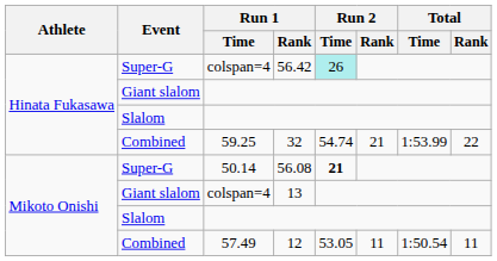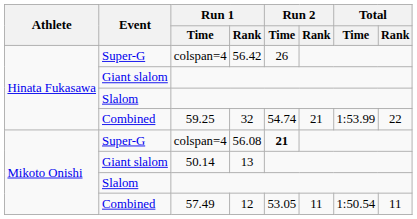 <table class="wikitable" style="font-size:90%">
 <tr>
 <th rowspan=2>Athlete</th>
 <th rowspan=2>Event</th>
 <th colspan=2>Run 1</th>
 <th colspan=2>Run 2</th>
 <th colspan=2>Total</th>
 </tr>
 <tr style="font-size:95%">
 <th>Time</th>
 <th>Rank</th>
 <th>Time</th>
 <th>Rank</th>
 <th>Time</th>
 <th>Rank</th>
 </tr>
 <tr align=center>
 <td align="left" rowspan="4"><a href='#'>Hinata Fukasawa</a></td>
 <td align="left"><a href='#'>Super-G</a></td>
 <td>colspan=4</td>
 <td>56.42</td>
-<td style="background: paleturquoise;">26</td>
+<td>26</td>
 </tr>
 <tr align=center>
 <td align="left"><a href='#'>Giant slalom</a></td>
 <td colspan=6></td>
 </tr>
 <tr align=center>
 <td align="left"><a href='#'>Slalom</a></td>
 <td colspan=6></td>
 </tr>
 <tr align=center>
 <td align="left"><a href='#'>Combined</a></td>
 <td>59.25</td>
 <td>32</td>
 <td>54.74</td>
 <td>21</td>
 <td>1:53.99</td>
 <td>22</td>
 </tr>
 <tr align=center>
 <td align="left" rowspan="4"><a href='#'>Mikoto Onishi</a></td>
 <td align="left"><a href='#'>Super-G</a></td>
-<td>50.14</td>
+<td>colspan=4</td>
 <td>56.08</td>
 <td><strong>21</strong></td>
 </tr>
 <tr align=center>
 <td align="left"><a href='#'>Giant slalom</a></td>
-<td>colspan=4</td>
+<td>50.14</td>
 <td>13</td>
 <td colspan=4></td>
 </tr>
 <tr align=center>
 <td align="left"><a href='#'>Slalom</a></td>
 <td colspan=6></td>
 </tr>
 <tr align=center>
 <td align="left"><a href='#'>Combined</a></td>
 <td>57.49</td>
 <td>12</td>
 <td>53.05</td>
 <td>11</td>
 <td>1:50.54</td>
 <td>11</td>
 </tr>
 </table>
